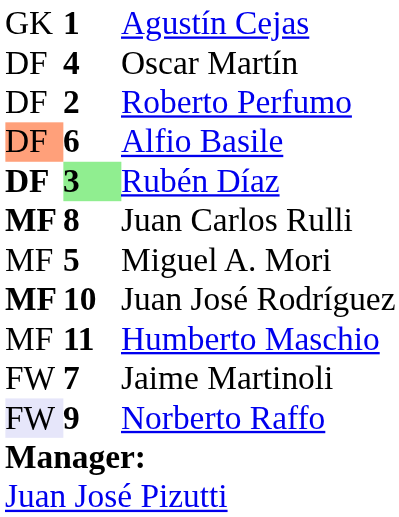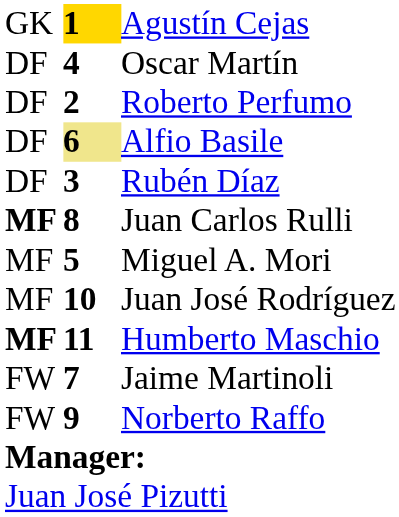 <table style="font-size:90%; margin:0.2em auto;" cellspacing="0" cellpadding="0">
 <tr>
 <th width="25"></th>
 <th width="25"></th>
 </tr>
 <tr>
 <td>GK</td>
-<td><strong>1</strong></td>
+<td style="background: gold;"><strong>1</strong></td>
 <td> <a href='#'>Agustín Cejas</a></td>
 </tr>
 <tr>
 <td>DF</td>
 <td><strong>4</strong></td>
 <td> Oscar Martín</td>
 </tr>
 <tr>
 <td>DF</td>
 <td><strong>2</strong></td>
 <td> <a href='#'>Roberto Perfumo</a></td>
 </tr>
 <tr>
-<td style="background: lightsalmon;">DF</td>
-<td><strong>6</strong></td>
+<td>DF</td>
+<td style="background: khaki;"><strong>6</strong></td>
 <td> <a href='#'>Alfio Basile</a></td>
 </tr>
 <tr>
-<td><strong>DF</strong></td>
-<td style="background: lightgreen;"><strong>3</strong></td>
+<td>DF</td>
+<td><strong>3</strong></td>
 <td> <a href='#'>Rubén Díaz</a></td>
 </tr>
 <tr>
 <td><strong>MF</strong></td>
 <td><strong>8</strong></td>
 <td> Juan Carlos Rulli</td>
 </tr>
 <tr>
 <td>MF</td>
 <td><strong>5</strong></td>
 <td> Miguel A. Mori</td>
 </tr>
 <tr>
-<td><strong>MF</strong></td>
+<td>MF</td>
 <td><strong>10</strong></td>
 <td> Juan José Rodríguez</td>
 </tr>
 <tr>
-<td>MF</td>
+<td><strong>MF</strong></td>
 <td><strong>11</strong></td>
 <td> <a href='#'>Humberto Maschio</a></td>
 </tr>
 <tr>
 <td>FW</td>
 <td><strong>7</strong></td>
 <td> Jaime Martinoli</td>
 </tr>
 <tr>
-<td style="background: lavender;">FW</td>
+<td>FW</td>
 <td><strong>9</strong></td>
 <td> <a href='#'>Norberto Raffo</a></td>
 </tr>
 <tr>
 <td colspan=3><strong>Manager:</strong></td>
 </tr>
 <tr>
 <td colspan=4> <a href='#'>Juan José Pizutti</a></td>
 </tr>
 </table>
